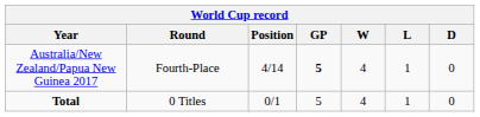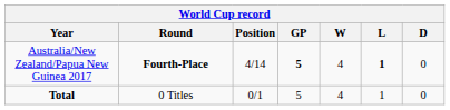 <table class="wikitable" style="text-align: center;">
 <tr>
 <th colspan=9><a href='#'>World Cup record</a></th>
 </tr>
 <tr>
 <th width=150>Year</th>
 <th width=150>Round</th>
 <th width=50>Position</th>
 <th width=50>GP</th>
 <th width=50>W</th>
 <th width=50>L</th>
 <th width=50>D</th>
 </tr>
 <tr bgcolor=>
 <td><a href='#'>Australia/New Zealand/Papua New Guinea 2017</a></td>
-<td>Fourth-Place</td>
+<td><strong>Fourth-Place</strong></td>
 <td>4/14</td>
 <td><strong>5</strong></td>
 <td>4</td>
-<td>1</td>
+<td><strong>1</strong></td>
 <td>0</td>
 </tr>
 <tr>
 <td><strong>Total</strong></td>
 <td>0 Titles</td>
 <td>0/1</td>
 <td>5</td>
 <td>4</td>
 <td>1</td>
 <td>0</td>
 </tr>
 </table>
